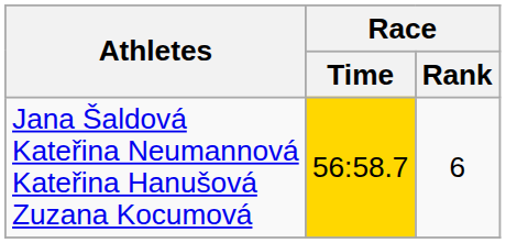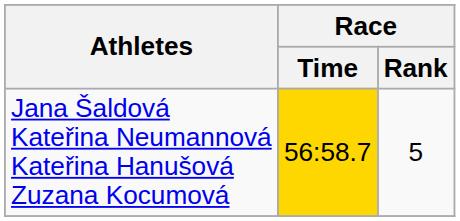 <table class="wikitable" border="1" style="font-size:90%">
 <tr>
 <th rowspan=2>Athletes</th>
 <th colspan=2>Race</th>
 </tr>
 <tr>
 <th>Time</th>
 <th>Rank</th>
 </tr>
 <tr>
 <td><a href='#'>Jana Šaldová</a><br><a href='#'>Kateřina Neumannová</a><br><a href='#'>Kateřina Hanušová</a><br><a href='#'>Zuzana Kocumová</a></td>
 <td align=center style="background: gold;">56:58.7</td>
-<td align=center>6</td>
+<td align=center>5</td>
 </tr>
 </table>
